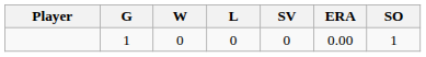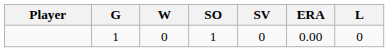 <table class="wikitable sortable">
 <tr>
 <th bgcolor="#DDDDFF" width="16%">Player</th>
 <th bgcolor="#DDDDFF" width="9%">G</th>
 <th bgcolor="#DDDDFF" width="9%">W</th>
-<th bgcolor="#DDDDFF" width="9%">L</th>
+<th bgcolor="#DDDDFF" width="9%">SO</th>
 <th bgcolor="#DDDDFF" width="9%">SV</th>
 <th bgcolor="#DDDDFF" width="9%">ERA</th>
-<th bgcolor="#DDDDFF" width="9%">SO</th>
+<th bgcolor="#DDDDFF" width="9%">L</th>
 </tr>
 <tr align="center">
 <td></td>
 <td>1</td>
 <td>0</td>
-<td>0</td>
+<td>1</td>
 <td>0</td>
 <td>0.00</td>
-<td>1</td>
+<td>0</td>
 </tr>
 </table>
